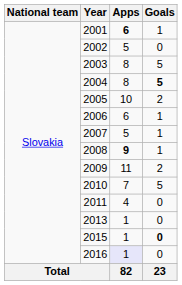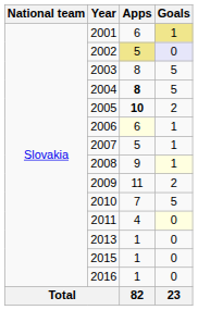 <table class="wikitable" style="text-align:center">
 <tr>
 <th>National team</th>
 <th>Year</th>
 <th>Apps</th>
 <th>Goals</th>
 </tr>
 <tr>
 <td rowspan="14"><a href='#'>Slovakia</a></td>
 <td>2001</td>
-<td><strong>6</strong></td>
-<td>1</td>
+<td>6</td>
+<td style="background: khaki;">1</td>
 </tr>
 <tr>
 <td>2002</td>
-<td>5</td>
-<td>0</td>
+<td style="background: khaki;">5</td>
+<td style="background: lavender;">0</td>
 </tr>
 <tr>
 <td>2003</td>
 <td>8</td>
 <td>5</td>
 </tr>
 <tr>
 <td>2004</td>
-<td>8</td>
-<td><strong>5</strong></td>
+<td><strong>8</strong></td>
+<td>5</td>
 </tr>
 <tr>
 <td>2005</td>
-<td>10</td>
+<td><strong>10</strong></td>
 <td>2</td>
 </tr>
 <tr>
 <td>2006</td>
-<td>6</td>
+<td style="background: lightyellow;">6</td>
 <td>1</td>
 </tr>
 <tr>
 <td>2007</td>
 <td>5</td>
 <td>1</td>
 </tr>
 <tr>
 <td>2008</td>
-<td><strong>9</strong></td>
-<td>1</td>
+<td>9</td>
+<td style="background: lightyellow;">1</td>
 </tr>
 <tr>
 <td>2009</td>
 <td>11</td>
 <td>2</td>
 </tr>
 <tr>
 <td>2010</td>
 <td>7</td>
 <td>5</td>
 </tr>
 <tr>
 <td>2011</td>
 <td>4</td>
-<td>0</td>
+<td style="background: lightyellow;">0</td>
 </tr>
 <tr>
 <td>2013</td>
 <td>1</td>
 <td>0</td>
 </tr>
 <tr>
 <td>2015</td>
 <td>1</td>
-<td><strong>0</strong></td>
+<td>0</td>
 </tr>
 <tr>
 <td>2016</td>
-<td style="background: lavender;">1</td>
+<td>1</td>
 <td>0</td>
 </tr>
 <tr>
 <th colspan="2">Total</th>
 <th>82</th>
 <th>23</th>
 </tr>
 </table>
